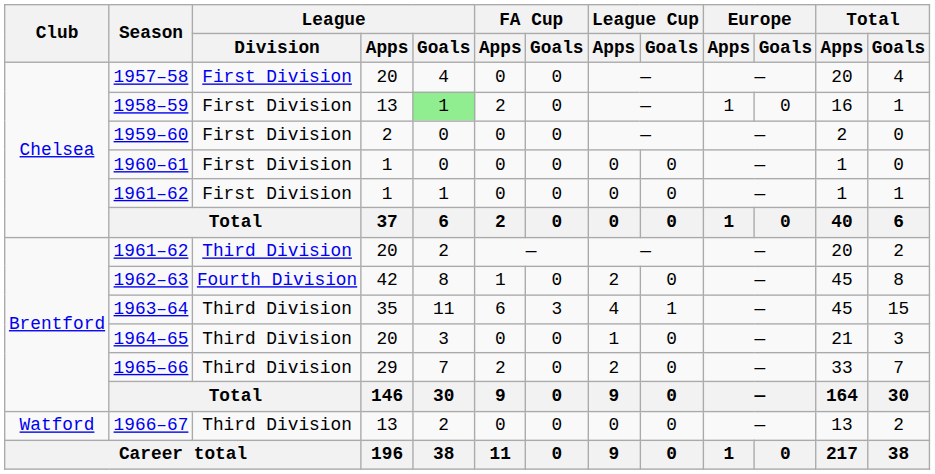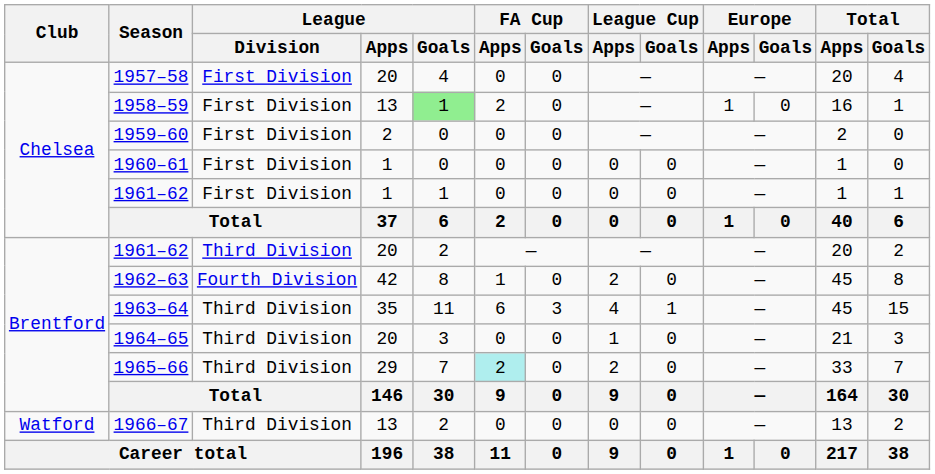 <table class="wikitable" style="text-align: center;">
 <tr>
 <th rowspan="2">Club</th>
 <th rowspan="2">Season</th>
 <th colspan="3">League</th>
 <th colspan="2">FA Cup</th>
 <th colspan="2">League Cup</th>
 <th colspan="2">Europe</th>
 <th colspan="2">Total</th>
 </tr>
 <tr>
 <th>Division</th>
 <th>Apps</th>
 <th>Goals</th>
 <th>Apps</th>
 <th>Goals</th>
 <th>Apps</th>
 <th>Goals</th>
 <th>Apps</th>
 <th>Goals</th>
 <th>Apps</th>
 <th>Goals</th>
 </tr>
 <tr>
 <td rowspan="6"><a href='#'>Chelsea</a></td>
 <td><a href='#'>1957–58</a></td>
 <td><a href='#'>First Division</a></td>
 <td>20</td>
 <td>4</td>
 <td>0</td>
 <td>0</td>
 <td colspan="2">—</td>
 <td colspan="2">—</td>
 <td>20</td>
 <td>4</td>
 </tr>
 <tr>
 <td><a href='#'>1958–59</a></td>
 <td>First Division</td>
 <td>13</td>
 <td style="background: lightgreen;">1</td>
 <td>2</td>
 <td>0</td>
 <td colspan="2">—</td>
 <td>1</td>
 <td>0</td>
 <td>16</td>
 <td>1</td>
 </tr>
 <tr>
 <td><a href='#'>1959–60</a></td>
 <td>First Division</td>
 <td>2</td>
 <td>0</td>
 <td>0</td>
 <td>0</td>
 <td colspan="2">—</td>
 <td colspan="2">—</td>
 <td>2</td>
 <td>0</td>
 </tr>
 <tr>
 <td><a href='#'>1960–61</a></td>
 <td>First Division</td>
 <td>1</td>
 <td>0</td>
 <td>0</td>
 <td>0</td>
 <td>0</td>
 <td>0</td>
 <td colspan="2">—</td>
 <td>1</td>
 <td>0</td>
 </tr>
 <tr>
 <td><a href='#'>1961–62</a></td>
 <td>First Division</td>
 <td>1</td>
 <td>1</td>
 <td>0</td>
 <td>0</td>
 <td>0</td>
 <td>0</td>
 <td colspan="2">—</td>
 <td>1</td>
 <td>1</td>
 </tr>
 <tr>
 <th colspan="2">Total</th>
 <th>37</th>
 <th>6</th>
 <th>2</th>
 <th>0</th>
 <th>0</th>
 <th>0</th>
 <th>1</th>
 <th>0</th>
 <th>40</th>
 <th>6</th>
 </tr>
 <tr>
 <td rowspan="6"><a href='#'>Brentford</a></td>
 <td><a href='#'>1961–62</a></td>
 <td><a href='#'>Third Division</a></td>
 <td>20</td>
 <td>2</td>
 <td colspan="2">—</td>
 <td colspan="2">—</td>
 <td colspan="2">—</td>
 <td>20</td>
 <td>2</td>
 </tr>
 <tr>
 <td><a href='#'>1962–63</a></td>
 <td><a href='#'>Fourth Division</a></td>
 <td>42</td>
 <td>8</td>
 <td>1</td>
 <td>0</td>
 <td>2</td>
 <td>0</td>
 <td colspan="2">—</td>
 <td>45</td>
 <td>8</td>
 </tr>
 <tr>
 <td><a href='#'>1963–64</a></td>
 <td>Third Division</td>
 <td>35</td>
 <td>11</td>
 <td>6</td>
 <td>3</td>
 <td>4</td>
 <td>1</td>
 <td colspan="2">—</td>
 <td>45</td>
 <td>15</td>
 </tr>
 <tr>
 <td><a href='#'>1964–65</a></td>
 <td>Third Division</td>
 <td>20</td>
 <td>3</td>
 <td>0</td>
 <td>0</td>
 <td>1</td>
 <td>0</td>
 <td colspan="2">—</td>
 <td>21</td>
 <td>3</td>
 </tr>
 <tr>
 <td><a href='#'>1965–66</a></td>
 <td>Third Division</td>
 <td>29</td>
 <td>7</td>
-<td>2</td>
+<td style="background: paleturquoise;">2</td>
 <td>0</td>
 <td>2</td>
 <td>0</td>
 <td colspan="2">—</td>
 <td>33</td>
 <td>7</td>
 </tr>
 <tr>
 <th colspan="2">Total</th>
 <th>146</th>
 <th>30</th>
 <th>9</th>
 <th>0</th>
 <th>9</th>
 <th>0</th>
 <th colspan="2">—</th>
 <th>164</th>
 <th>30</th>
 </tr>
 <tr>
 <td><a href='#'>Watford</a></td>
 <td><a href='#'>1966–67</a></td>
 <td>Third Division</td>
 <td>13</td>
 <td>2</td>
 <td>0</td>
 <td>0</td>
 <td>0</td>
 <td>0</td>
 <td colspan="2">—</td>
 <td>13</td>
 <td>2</td>
 </tr>
 <tr>
 <th colspan="3">Career total</th>
 <th>196</th>
 <th>38</th>
 <th>11</th>
 <th>0</th>
 <th>9</th>
 <th>0</th>
 <th>1</th>
 <th>0</th>
 <th>217</th>
 <th>38</th>
 </tr>
 </table>
